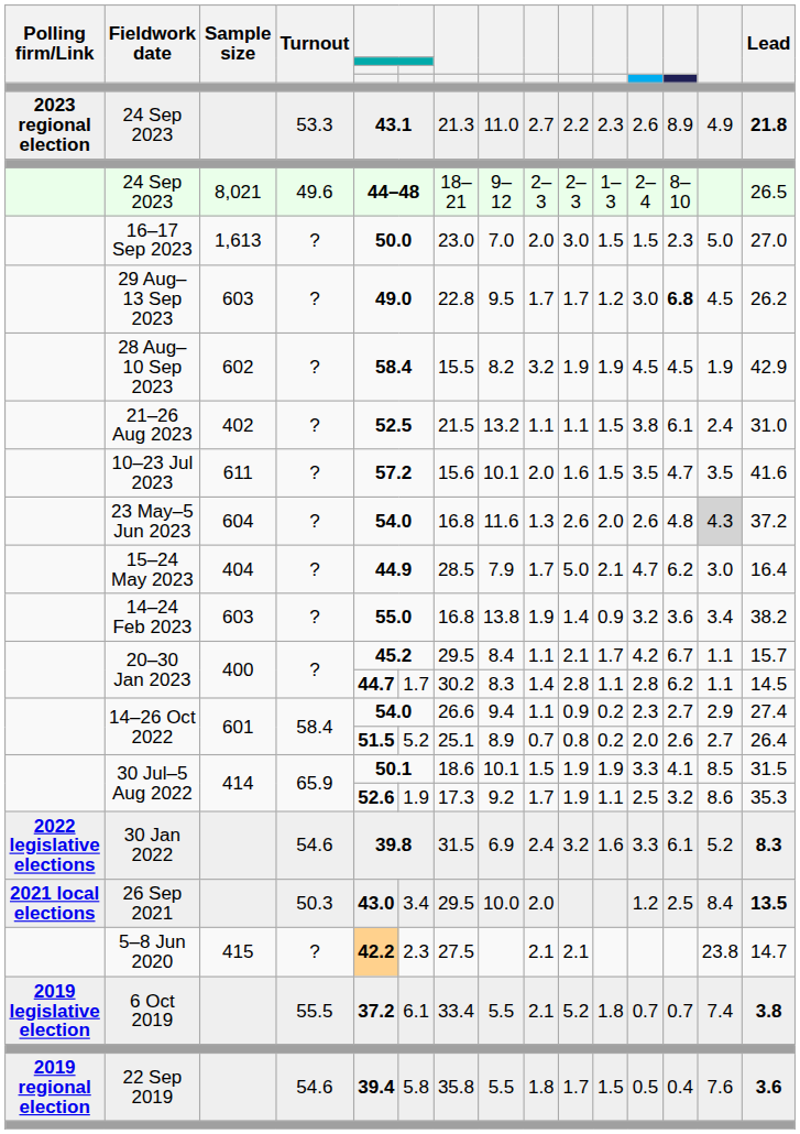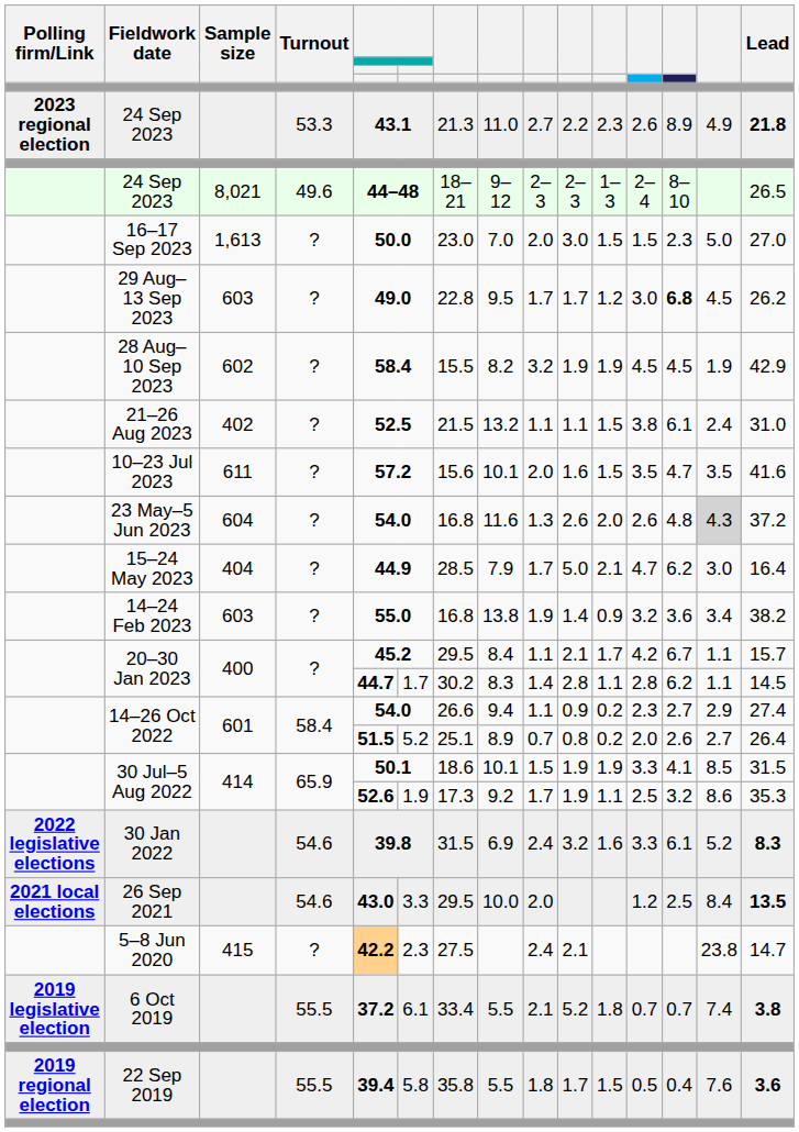 <table class="wikitable collapsible sortable" style="text-align:center; font-size:95%; line-height:16px;">
 <tr style="height:42px;">
 <th style="width:150px;" rowspan="4">Polling firm/Link</th>
 <th style="width:125px;" rowspan="4">Fieldwork date</th>
 <th class="unsortable" style="width:50px;" rowspan="4">Sample size</th>
 <th class="unsortable" style="width:45px;" rowspan="4">Turnout</th>
 <th class="unsortable" style="width:35px;" colspan="2"></th>
 <th class="unsortable" style="width:35px;" rowspan="3"></th>
 <th class="unsortable" style="width:35px;" rowspan="3"></th>
 <th class="unsortable" style="width:35px;" rowspan="3"></th>
 <th class="unsortable" style="width:35px;" rowspan="3"></th>
 <th class="unsortable" style="width:35px;" rowspan="3"></th>
 <th class="unsortable" style="width:35px;" rowspan="3"></th>
 <th class="unsortable" style="width:35px;" rowspan="3"></th>
 <th class="unsortable" style="width:35px;" rowspan="4"></th>
 <th class="unsortable" style="width:30px;" rowspan="4">Lead</th>
 </tr>
 <tr>
 <th class="unsortable" style="background:#00aaaa ;" colspan="2"></th>
 </tr>
 <tr>
 <th class="unsortable" style="width:35px;"></th>
 <th class="unsortable" style="width:35px;"></th>
 </tr>
 <tr>
 <th class="unsortable" style="color:inherit;background:"></th>
 <th class="unsortable" style="color:inherit;background:"></th>
 <th class="unsortable" style="color:inherit;background:"></th>
 <th class="unsortable" style="color:inherit;background:"></th>
 <th class="unsortable" style="color:inherit;background:"></th>
 <th class="unsortable" style="color:inherit;background:"></th>
 <th class="sortable" style="background:"></th>
 <th class="sortable" style="background:#00ADEF;"></th>
 <th class="sortable" style="background:#202056;"></th>
 </tr>
 <tr>
 <td colspan="15" style="background:#A0A0A0"></td>
 </tr>
 <tr style="background:#EFEFEF">
 <td><strong>2023 regional election</strong></td>
 <td>24 Sep 2023</td>
 <td></td>
 <td>53.3</td>
 <td colspan="2" ><strong>43.1</strong><br></td>
 <td>21.3<br></td>
 <td>11.0<br></td>
 <td>2.7<br></td>
 <td>2.2<br></td>
 <td>2.3<br></td>
 <td>2.6<br></td>
 <td>8.9<br></td>
 <td>4.9<br></td>
 <td style="background:"><strong>21.8</strong></td>
 </tr>
 <tr>
 <td colspan="15" style="background:#A0A0A0"></td>
 </tr>
 <tr style="background:#EAFFEA">
 <td></td>
 <td>24 Sep 2023</td>
 <td>8,021</td>
 <td>49.6</td>
 <td colspan="2" ><strong>44–48</strong><br></td>
 <td>18–21<br></td>
 <td>9–12<br></td>
 <td>2–3<br></td>
 <td>2–3<br></td>
 <td>1–3<br></td>
 <td>2–4<br></td>
 <td>8–10<br></td>
 <td></td>
 <td style="background:">26.5</td>
 </tr>
 <tr>
 <td></td>
 <td data-sort-value="2017-03-16">16–17 Sep 2023</td>
 <td>1,613</td>
 <td>?</td>
 <td colspan="2" ><strong>50.0</strong><br></td>
 <td>23.0<br></td>
 <td>7.0<br></td>
 <td>2.0<br></td>
 <td>3.0<br></td>
 <td>1.5<br></td>
 <td>1.5<br></td>
 <td>2.3<br></td>
 <td>5.0<br></td>
 <td style="background:">27.0</td>
 </tr>
 <tr>
 <td></td>
 <td data-sort-value="2017-03-16">29 Aug–13 Sep 2023</td>
 <td>603</td>
 <td>?</td>
 <td colspan="2" ><strong>49.0</strong><br></td>
 <td>22.8<br></td>
 <td>9.5<br></td>
 <td>1.7<br></td>
 <td>1.7<br></td>
 <td>1.2<br></td>
 <td>3.0<br></td>
 <td><strong>6.8<br></strong></td>
 <td>4.5<br></td>
 <td style="background:">26.2</td>
 </tr>
 <tr>
 <td></td>
 <td data-sort-value="2017-03-16">28 Aug–10 Sep 2023</td>
 <td>602</td>
 <td>?</td>
 <td colspan="2" ><strong>58.4</strong><br></td>
 <td>15.5<br></td>
 <td>8.2<br></td>
 <td>3.2<br></td>
 <td>1.9<br></td>
 <td>1.9<br></td>
 <td>4.5<br></td>
 <td>4.5<br></td>
 <td>1.9<br></td>
 <td style="background:">42.9</td>
 </tr>
 <tr>
 <td></td>
 <td data-sort-value="2017-03-16">21–26 Aug 2023</td>
 <td>402</td>
 <td>?</td>
 <td colspan="2" ><strong>52.5</strong><br></td>
 <td>21.5<br></td>
 <td>13.2<br></td>
 <td>1.1<br></td>
 <td>1.1<br></td>
 <td>1.5<br></td>
 <td>3.8<br></td>
 <td>6.1<br></td>
 <td>2.4<br></td>
 <td style="background:">31.0</td>
 </tr>
 <tr>
 <td></td>
 <td data-sort-value="2017-03-16">10–23 Jul 2023</td>
 <td>611</td>
 <td>?</td>
 <td colspan="2" ><strong>57.2</strong><br></td>
 <td>15.6<br></td>
 <td>10.1<br></td>
 <td>2.0<br></td>
 <td>1.6<br></td>
 <td>1.5<br></td>
 <td>3.5<br></td>
 <td>4.7<br></td>
 <td>3.5<br></td>
 <td style="background:">41.6</td>
 </tr>
 <tr>
 <td></td>
 <td data-sort-value="2017-03-16">23 May–5 Jun 2023</td>
 <td>604</td>
 <td>?</td>
 <td colspan="2" ><strong>54.0</strong><br></td>
 <td>16.8<br></td>
 <td>11.6<br></td>
 <td>1.3<br></td>
 <td>2.6<br></td>
 <td>2.0<br></td>
 <td>2.6<br></td>
 <td>4.8<br></td>
 <td style="background: lightgrey;">4.3<br></td>
 <td style="background:">37.2</td>
 </tr>
 <tr>
 <td></td>
 <td data-sort-value="2017-03-16">15–24 May 2023</td>
 <td>404</td>
 <td>?</td>
 <td colspan="2" ><strong>44.9</strong><br></td>
 <td>28.5<br></td>
 <td>7.9<br></td>
 <td>1.7<br></td>
 <td>5.0<br></td>
 <td>2.1<br></td>
 <td>4.7<br></td>
 <td>6.2<br></td>
 <td>3.0<br></td>
 <td style="background:">16.4</td>
 </tr>
 <tr>
 <td></td>
 <td data-sort-value="2017-03-16">14–24 Feb 2023</td>
 <td>603</td>
 <td>?</td>
 <td colspan="2" ><strong>55.0</strong><br></td>
 <td>16.8<br></td>
 <td>13.8<br></td>
 <td>1.9<br></td>
 <td>1.4<br></td>
 <td>0.9<br></td>
 <td>3.2<br></td>
 <td>3.6<br></td>
 <td>3.4<br></td>
 <td style="background:">38.2</td>
 </tr>
 <tr>
 <td rowspan="2"></td>
 <td rowspan="2" data-sort-value="2017-03-16">20–30 Jan 2023</td>
 <td rowspan="2">400</td>
 <td rowspan="2">?</td>
 <td colspan="2" ><strong>45.2</strong></td>
 <td>29.5</td>
 <td>8.4</td>
 <td>1.1</td>
 <td>2.1</td>
 <td>1.7</td>
 <td>4.2</td>
 <td>6.7</td>
 <td>1.1</td>
 <td style="background:">15.7</td>
 </tr>
 <tr>
 <td><strong>44.7</strong></td>
 <td>1.7</td>
 <td>30.2</td>
 <td>8.3</td>
 <td>1.4</td>
 <td>2.8</td>
 <td>1.1</td>
 <td>2.8</td>
 <td>6.2</td>
 <td>1.1</td>
 <td style="background:">14.5</td>
 </tr>
 <tr>
 <td rowspan="2"></td>
 <td rowspan="2" data-sort-value="2017-03-16">14–26 Oct 2022</td>
 <td rowspan="2">601</td>
 <td rowspan="2">58.4</td>
 <td colspan="2" ><strong>54.0</strong></td>
 <td>26.6</td>
 <td>9.4</td>
 <td>1.1</td>
 <td>0.9</td>
 <td>0.2</td>
 <td>2.3</td>
 <td>2.7</td>
 <td>2.9</td>
 <td style="background:">27.4</td>
 </tr>
 <tr>
 <td><strong>51.5</strong></td>
 <td>5.2</td>
 <td>25.1</td>
 <td>8.9</td>
 <td>0.7</td>
 <td>0.8</td>
 <td>0.2</td>
 <td>2.0</td>
 <td>2.6</td>
 <td>2.7</td>
 <td style="background:">26.4</td>
 </tr>
 <tr>
 <td rowspan="2"></td>
 <td rowspan="2" data-sort-value="2017-03-16">30 Jul–5 Aug 2022</td>
 <td rowspan="2">414</td>
 <td rowspan="2">65.9</td>
 <td colspan="2" ><strong>50.1</strong></td>
 <td>18.6</td>
 <td>10.1</td>
 <td>1.5</td>
 <td>1.9</td>
 <td>1.9</td>
 <td>3.3</td>
 <td>4.1</td>
 <td>8.5</td>
 <td style="background:">31.5</td>
 </tr>
 <tr>
 <td><strong>52.6</strong></td>
 <td>1.9</td>
 <td>17.3</td>
 <td>9.2</td>
 <td>1.7</td>
 <td>1.9</td>
 <td>1.1</td>
 <td>2.5</td>
 <td>3.2</td>
 <td>8.6</td>
 <td style="background:">35.3</td>
 </tr>
 <tr style="background:#EFEFEF;">
 <td><strong><a href='#'>2022 legislative elections</a></strong></td>
 <td data-sort-value="2022-01-30">30 Jan 2022</td>
 <td></td>
 <td>54.6</td>
 <td colspan="2" ><strong>39.8</strong><br></td>
 <td>31.5<br></td>
 <td>6.9<br></td>
 <td>2.4<br></td>
 <td>3.2<br></td>
 <td>1.6<br></td>
 <td>3.3<br></td>
 <td>6.1<br></td>
 <td>5.2<br></td>
 <td style="background:"><strong>8.3</strong></td>
 </tr>
 <tr style="background:#EFEFEF;">
 <td><strong><a href='#'>2021 local elections</a></strong></td>
 <td data-sort-value="2021-09-26">26 Sep 2021</td>
 <td></td>
-<td>50.3</td>
+<td>54.6</td>
 <td><strong>43.0</strong><br></td>
-<td>3.4<br></td>
+<td>3.3<br></td>
 <td>29.5<br></td>
 <td>10.0<br></td>
 <td>2.0<br></td>
 <td></td>
 <td></td>
 <td>1.2<br></td>
 <td>2.5<br></td>
 <td>8.4<br></td>
 <td style="background:"><strong>13.5</strong></td>
 </tr>
 <tr>
 <td></td>
 <td data-sort-value="2017-03-16">5–8 Jun 2020</td>
 <td>415</td>
 <td>?</td>
 <td style="background:#FFD18D"><strong>42.2</strong></td>
 <td>2.3</td>
 <td>27.5</td>
 <td></td>
-<td>2.1</td>
+<td>2.4</td>
 <td>2.1</td>
 <td></td>
 <td></td>
 <td></td>
 <td>23.8</td>
 <td style="background:">14.7</td>
 </tr>
 <tr style="background:#EFEFEF;">
 <td><strong><a href='#'>2019 legislative election</a></strong></td>
 <td data-sort-value="2019-10-06">6 Oct 2019</td>
 <td></td>
 <td>55.5</td>
 <td><strong>37.2</strong><br></td>
 <td>6.1<br></td>
 <td>33.4<br></td>
 <td>5.5<br></td>
 <td>2.1<br></td>
 <td>5.2<br></td>
 <td>1.8<br></td>
 <td>0.7<br></td>
 <td>0.7<br></td>
 <td>7.4<br></td>
 <td style="background:"><strong>3.8</strong></td>
 </tr>
 <tr>
 <td colspan="17" style="background:#A0A0A0"></td>
 </tr>
 <tr style="background:#EFEFEF;">
 <td><strong><a href='#'>2019 regional election</a></strong></td>
 <td data-sort-value="2015-03-29">22 Sep 2019</td>
 <td></td>
-<td>54.6</td>
+<td>55.5</td>
 <td><strong>39.4</strong><br></td>
 <td>5.8<br></td>
 <td>35.8<br></td>
 <td>5.5<br></td>
 <td>1.8<br></td>
 <td>1.7<br></td>
 <td>1.5<br></td>
 <td>0.5<br></td>
 <td>0.4<br></td>
 <td>7.6<br></td>
 <td style="background:"><strong>3.6</strong></td>
 </tr>
 <tr>
 <td colspan="17" style="background:#A0A0A0"></td>
 </tr>
 </table>
